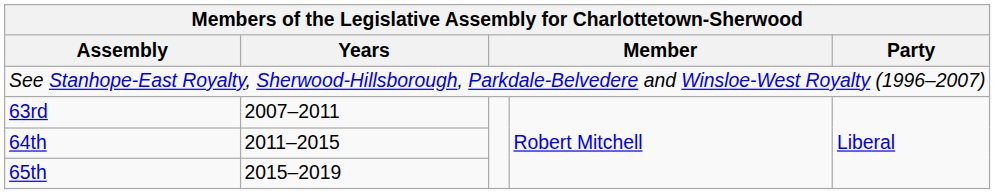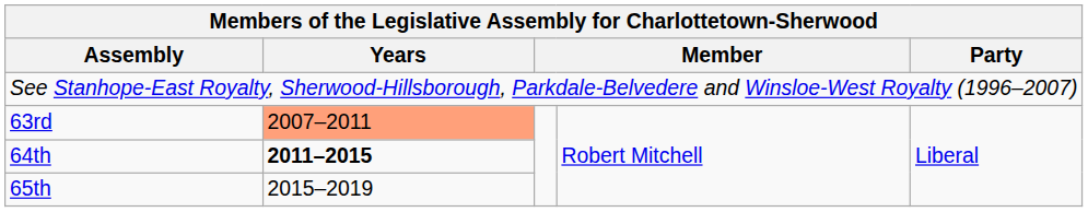 <table class="wikitable" align=centre>
 <tr>
 <th colspan=5>Members of the Legislative Assembly for Charlottetown-Sherwood</th>
 </tr>
 <tr>
 <th>Assembly</th>
 <th>Years</th>
 <th colspan="2">Member</th>
 <th>Party</th>
 </tr>
 <tr>
 <td align="center" colspan=5><em>See <a href='#'>Stanhope-East Royalty</a>, <a href='#'>Sherwood-Hillsborough</a>, <a href='#'>Parkdale-Belvedere</a> and <a href='#'>Winsloe-West Royalty</a> (1996–2007)</em></td>
 </tr>
 <tr>
 <td><a href='#'>63rd</a></td>
-<td>2007–2011</td>
+<td style="background: lightsalmon;">2007–2011</td>
 <td rowspan=3 ></td>
 <td rowspan=3><a href='#'>Robert Mitchell</a></td>
 <td rowspan=3><a href='#'>Liberal</a></td>
 </tr>
 <tr>
 <td><a href='#'>64th</a></td>
-<td>2011–2015</td>
+<td><strong>2011–2015</strong></td>
 </tr>
 <tr>
 <td><a href='#'>65th</a></td>
 <td>2015–2019</td>
 </tr>
 </table>
